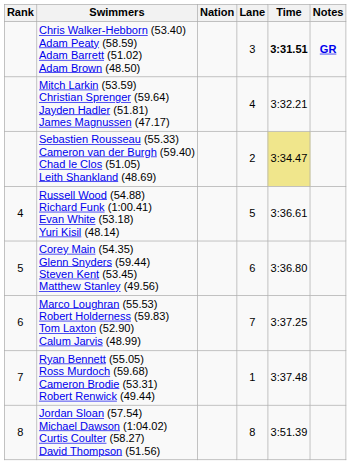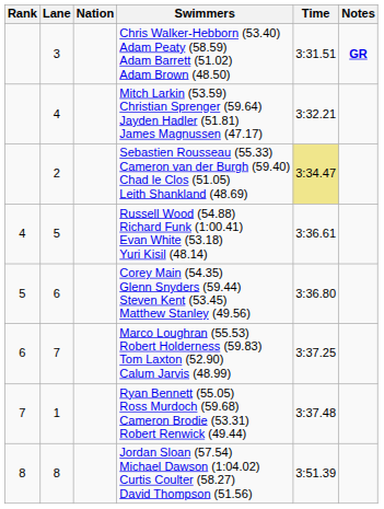 <table class="wikitable sortable" style="text-align:center">
 <tr>
 <th>Rank</th>
+<th>Lane</th>
+<th>Nation</th>
 <th>Swimmers</th>
-<th>Nation</th>
-<th>Lane</th>
 <th>Time</th>
 <th>Notes</th>
 </tr>
 <tr>
 <td></td>
+<td>3</td>
+<td align=left></td>
 <td align=left><a href='#'>Chris Walker-Hebborn</a> (53.40)<br><a href='#'>Adam Peaty</a> (58.59)<br><a href='#'>Adam Barrett</a> (51.02)<br><a href='#'>Adam Brown</a> (48.50)</td>
-<td align=left></td>
-<td>3</td>
-<td><strong>3:31.51</strong></td>
+<td>3:31.51</td>
 <td><strong><a href='#'>GR</a></strong></td>
 </tr>
 <tr>
 <td></td>
+<td>4</td>
+<td align=left></td>
 <td align=left><a href='#'>Mitch Larkin</a> (53.59)<br><a href='#'>Christian Sprenger</a> (59.64)<br><a href='#'>Jayden Hadler</a> (51.81)<br><a href='#'>James Magnussen</a> (47.17)</td>
-<td align=left></td>
-<td>4</td>
 <td>3:32.21</td>
 <td></td>
 </tr>
 <tr>
 <td></td>
+<td>2</td>
+<td align=left></td>
 <td align=left><a href='#'>Sebastien Rousseau</a> (55.33)<br><a href='#'>Cameron van der Burgh</a> (59.40)<br><a href='#'>Chad le Clos</a> (51.05)<br><a href='#'>Leith Shankland</a> (48.69)</td>
-<td align=left></td>
-<td>2</td>
 <td style="background: khaki;">3:34.47</td>
 <td></td>
 </tr>
 <tr>
 <td>4</td>
+<td>5</td>
+<td align=left></td>
 <td align=left><a href='#'>Russell Wood</a> (54.88)<br><a href='#'>Richard Funk</a> (1:00.41)<br><a href='#'>Evan White</a> (53.18)<br><a href='#'>Yuri Kisil</a> (48.14)</td>
-<td align=left></td>
-<td>5</td>
 <td>3:36.61</td>
 <td></td>
 </tr>
 <tr>
 <td>5</td>
+<td>6</td>
+<td align=left></td>
 <td align=left><a href='#'>Corey Main</a> (54.35)<br><a href='#'>Glenn Snyders</a> (59.44)<br><a href='#'>Steven Kent</a> (53.45)<br><a href='#'>Matthew Stanley</a> (49.56)</td>
-<td align=left></td>
-<td>6</td>
 <td>3:36.80</td>
 <td></td>
 </tr>
 <tr>
 <td>6</td>
+<td>7</td>
+<td align=left></td>
 <td align=left><a href='#'>Marco Loughran</a> (55.53)<br><a href='#'>Robert Holderness</a> (59.83)<br><a href='#'>Tom Laxton</a> (52.90)<br><a href='#'>Calum Jarvis</a> (48.99)</td>
-<td align=left></td>
-<td>7</td>
 <td>3:37.25</td>
 <td></td>
 </tr>
 <tr>
 <td>7</td>
+<td>1</td>
+<td align=left></td>
 <td align=left><a href='#'>Ryan Bennett</a> (55.05)<br><a href='#'>Ross Murdoch</a> (59.68)<br><a href='#'>Cameron Brodie</a> (53.31)<br><a href='#'>Robert Renwick</a> (49.44)</td>
-<td align=left></td>
-<td>1</td>
 <td>3:37.48</td>
 <td></td>
 </tr>
 <tr>
 <td>8</td>
+<td>8</td>
+<td align=left></td>
 <td align=left><a href='#'>Jordan Sloan</a> (57.54)<br><a href='#'>Michael Dawson</a> (1:04.02)<br><a href='#'>Curtis Coulter</a> (58.27)<br><a href='#'>David Thompson</a> (51.56)</td>
-<td align=left></td>
-<td>8</td>
 <td>3:51.39</td>
 <td></td>
 </tr>
 </table>
